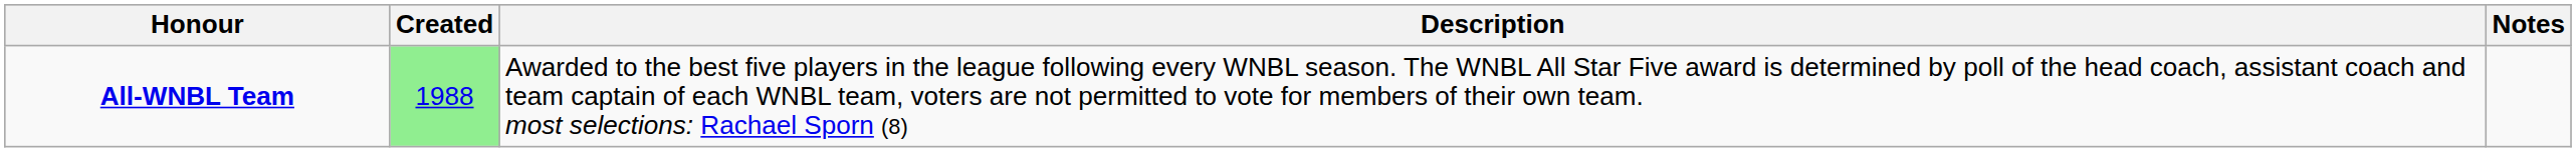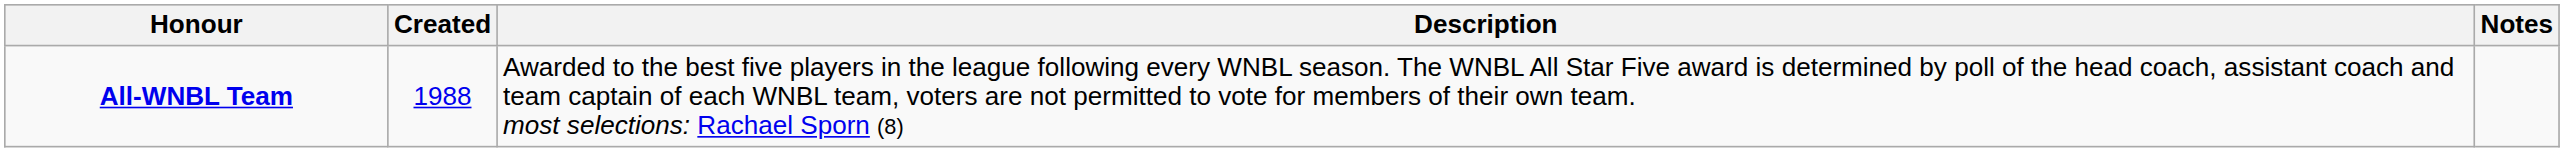 <table class="wikitable plainrowheaders sortable" summary="Honor (sortable), Created (sortable), Description and Notes">
 <tr>
 <th scope="col" width=15% class="unsortable">Honour</th>
 <th scope="col">Created</th>
 <th scope="col" class="unsortable">Description</th>
 <th scope="col" class="unsortable">Notes</th>
 </tr>
 <tr>
 <th scope="row" style="background-color:transparent;"><a href='#'>All-WNBL Team</a></th>
-<td align=center style="background: lightgreen;"><a href='#'>1988</a></td>
+<td align=center><a href='#'>1988</a></td>
 <td>Awarded to the best five players in the league following every WNBL season. The WNBL All Star Five award is determined by poll of the head coach, assistant coach and team captain of each WNBL team, voters are not permitted to vote for members of their own team.<br> <em>most selections:</em>  <a href='#'>Rachael Sporn</a> <small>(8)</small></td>
 <td align="center"></td>
 </tr>
 </table>
